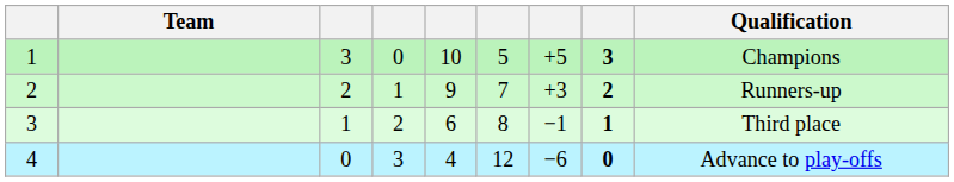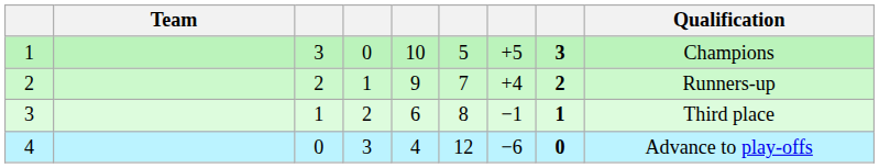 <table class="wikitable" style="text-align:center" width="700">
 <tr>
 <th width="5%"></th>
 <th width="25%">Team</th>
 <th width="5%"></th>
 <th width="5%"></th>
 <th width="5%"></th>
 <th width="5%"></th>
 <th width="5%"></th>
 <th width="5%"></th>
 <th width="30%">Qualification</th>
 </tr>
 <tr bgcolor=#bbf3bb>
 <td>1</td>
 <td style="text-align:left"></td>
 <td>3</td>
 <td>0</td>
 <td>10</td>
 <td>5</td>
 <td>+5</td>
 <td><strong>3</strong></td>
 <td>Champions</td>
 </tr>
 <tr bgcolor=#ccf9cc>
 <td>2</td>
 <td style="text-align:left"></td>
 <td>2</td>
 <td>1</td>
 <td>9</td>
 <td>7</td>
-<td>+3</td>
+<td>+4</td>
 <td><strong>2</strong></td>
 <td>Runners-up</td>
 </tr>
 <tr bgcolor=#ddfcdd>
 <td>3</td>
 <td style="text-align:left"></td>
 <td>1</td>
 <td>2</td>
 <td>6</td>
 <td>8</td>
 <td>−1</td>
 <td><strong>1</strong></td>
 <td>Third place</td>
 </tr>
 <tr bgcolor=#bbf3ff>
 <td>4</td>
 <td style="text-align:left"></td>
 <td>0</td>
 <td>3</td>
 <td>4</td>
 <td>12</td>
 <td>−6</td>
 <td><strong>0</strong></td>
 <td>Advance to <a href='#'>play-offs</a></td>
 </tr>
 </table>
